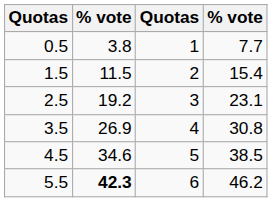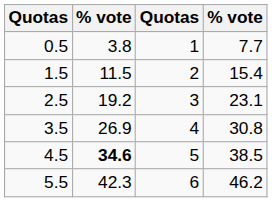 <table class="wikitable" style="text-align:right;">
 <tr>
 <th>Quotas</th>
 <th>% vote</th>
 <th>Quotas</th>
 <th>% vote</th>
 </tr>
 <tr>
 <td>0.5</td>
 <td>3.8</td>
 <td>1</td>
 <td>7.7</td>
 </tr>
 <tr>
 <td>1.5</td>
 <td>11.5</td>
 <td>2</td>
 <td>15.4</td>
 </tr>
 <tr>
 <td>2.5</td>
 <td>19.2</td>
 <td>3</td>
 <td>23.1</td>
 </tr>
 <tr>
 <td>3.5</td>
 <td>26.9</td>
 <td>4</td>
 <td>30.8</td>
 </tr>
 <tr>
 <td>4.5</td>
-<td>34.6</td>
+<td><strong>34.6</strong></td>
 <td>5</td>
 <td>38.5</td>
 </tr>
 <tr>
 <td>5.5</td>
-<td><strong>42.3</strong></td>
+<td>42.3</td>
 <td>6</td>
 <td>46.2</td>
 </tr>
 </table>
